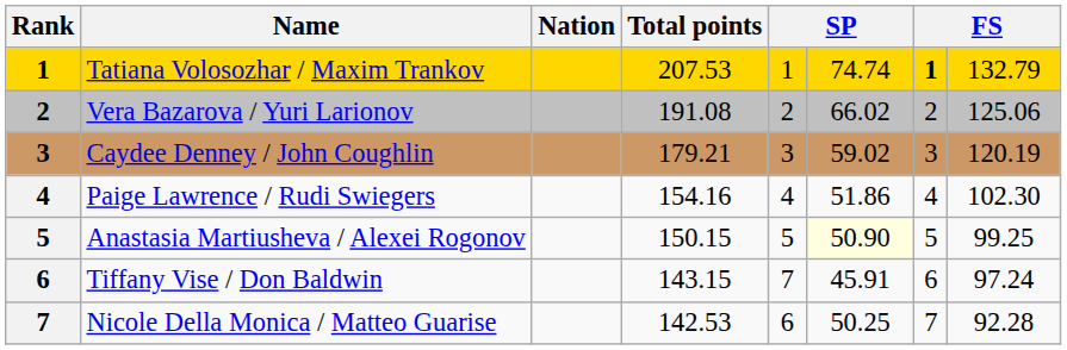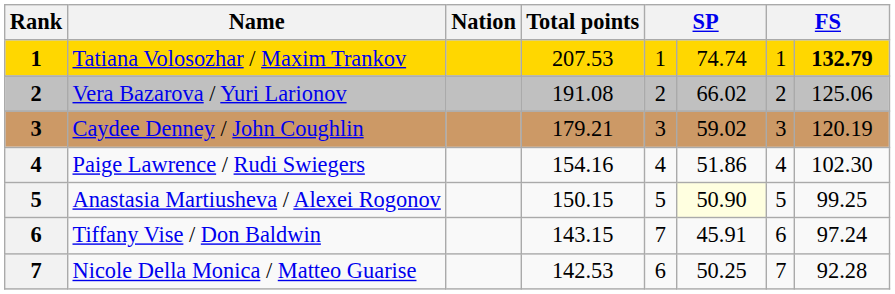 <table class="wikitable sortable">
 <tr>
 <th>Rank</th>
 <th>Name</th>
 <th>Nation</th>
 <th>Total points</th>
 <th colspan="2" width="80px"><a href='#'>SP</a></th>
 <th colspan="2" width="80px"><a href='#'>FS</a></th>
 </tr>
 <tr bgcolor="gold">
 <td align="center"><strong>1</strong></td>
 <td><a href='#'>Tatiana Volosozhar</a> / <a href='#'>Maxim Trankov</a></td>
 <td></td>
 <td align="center">207.53</td>
 <td align="center">1</td>
 <td align="center">74.74</td>
-<td align="center"><strong>1</strong></td>
-<td align="center">132.79</td>
+<td align="center">1</td>
+<td align="center"><strong>132.79</strong></td>
 </tr>
 <tr bgcolor="silver">
 <td align="center"><strong>2</strong></td>
 <td><a href='#'>Vera Bazarova</a> / <a href='#'>Yuri Larionov</a></td>
 <td></td>
 <td align="center">191.08</td>
 <td align="center">2</td>
 <td align="center">66.02</td>
 <td align="center">2</td>
 <td align="center">125.06</td>
 </tr>
 <tr bgcolor="cc9966">
 <td align="center"><strong>3</strong></td>
 <td><a href='#'>Caydee Denney</a> / <a href='#'>John Coughlin</a></td>
 <td></td>
 <td align="center">179.21</td>
 <td align="center">3</td>
 <td align="center">59.02</td>
 <td align="center">3</td>
 <td align="center">120.19</td>
 </tr>
 <tr>
 <th>4</th>
 <td><a href='#'>Paige Lawrence</a> / <a href='#'>Rudi Swiegers</a></td>
 <td></td>
 <td align="center">154.16</td>
 <td align="center">4</td>
 <td align="center">51.86</td>
 <td align="center">4</td>
 <td align="center">102.30</td>
 </tr>
 <tr>
 <th>5</th>
 <td><a href='#'>Anastasia Martiusheva</a> / <a href='#'>Alexei Rogonov</a></td>
 <td></td>
 <td align="center">150.15</td>
 <td align="center">5</td>
 <td align="center" style="background: lightyellow;">50.90</td>
 <td align="center">5</td>
 <td align="center">99.25</td>
 </tr>
 <tr>
 <th>6</th>
 <td><a href='#'>Tiffany Vise</a> / <a href='#'>Don Baldwin</a></td>
 <td></td>
 <td align="center">143.15</td>
 <td align="center">7</td>
 <td align="center">45.91</td>
 <td align="center">6</td>
 <td align="center">97.24</td>
 </tr>
 <tr>
 <th>7</th>
 <td><a href='#'>Nicole Della Monica</a> / <a href='#'>Matteo Guarise</a></td>
 <td></td>
 <td align="center">142.53</td>
 <td align="center">6</td>
 <td align="center">50.25</td>
 <td align="center">7</td>
 <td align="center">92.28</td>
 </tr>
 </table>
